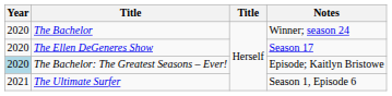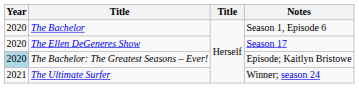 <table class="wikitable sortable plainrowheaders">
 <tr>
 <th scope="col">Year</th>
 <th scope="col">Title</th>
 <th scope="col">Title</th>
 <th scope="col" class="unsortable">Notes</th>
 </tr>
 <tr>
 <td>2020</td>
 <td><a href='#'><em>The Bachelor</em></a></td>
 <td rowspan="4">Herself</td>
-<td>Winner; <a href='#'>season 24</a></td>
+<td>Season 1, Episode 6</td>
 </tr>
 <tr>
 <td>2020</td>
 <td><em><a href='#'>The Ellen DeGeneres Show</a></em></td>
 <td><a href='#'>Season 17</a></td>
 </tr>
 <tr>
 <td style="background: lightblue;">2020</td>
 <td><em>The Bachelor: The Greatest Seasons – Ever!</em></td>
 <td>Episode; Kaitlyn Bristowe</td>
 </tr>
 <tr>
 <td>2021</td>
 <td><em><a href='#'>The Ultimate Surfer</a></em></td>
-<td>Season 1, Episode 6</td>
+<td>Winner; <a href='#'>season 24</a></td>
 </tr>
 </table>
